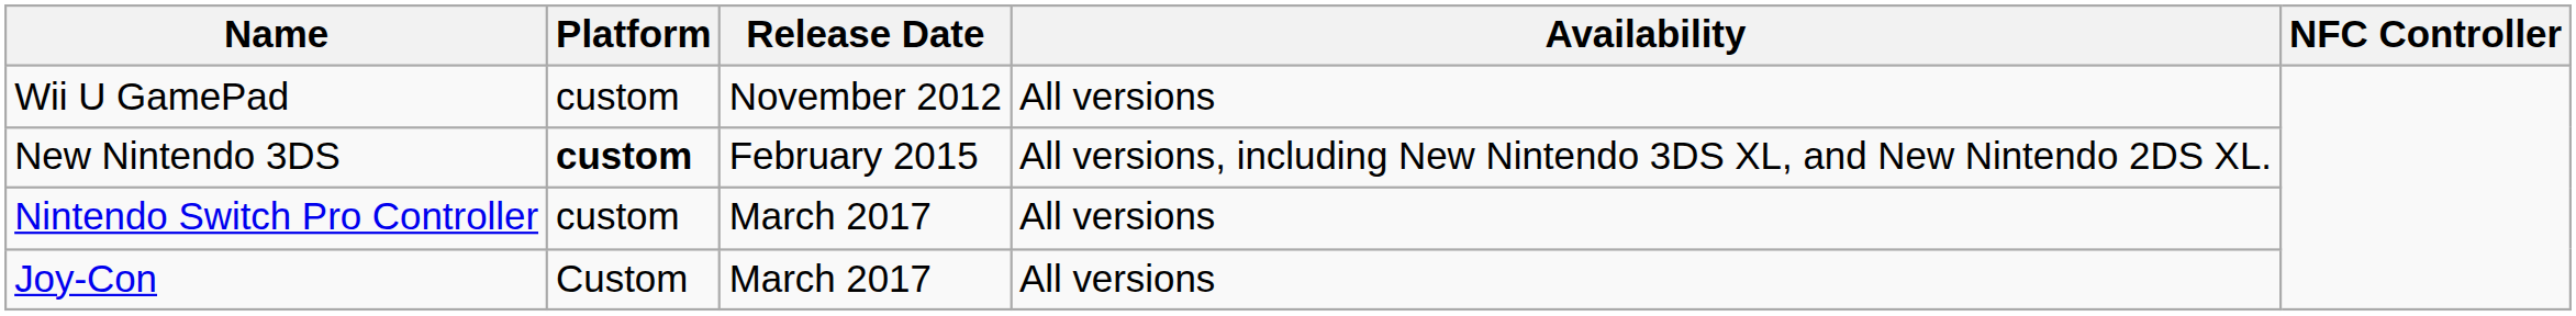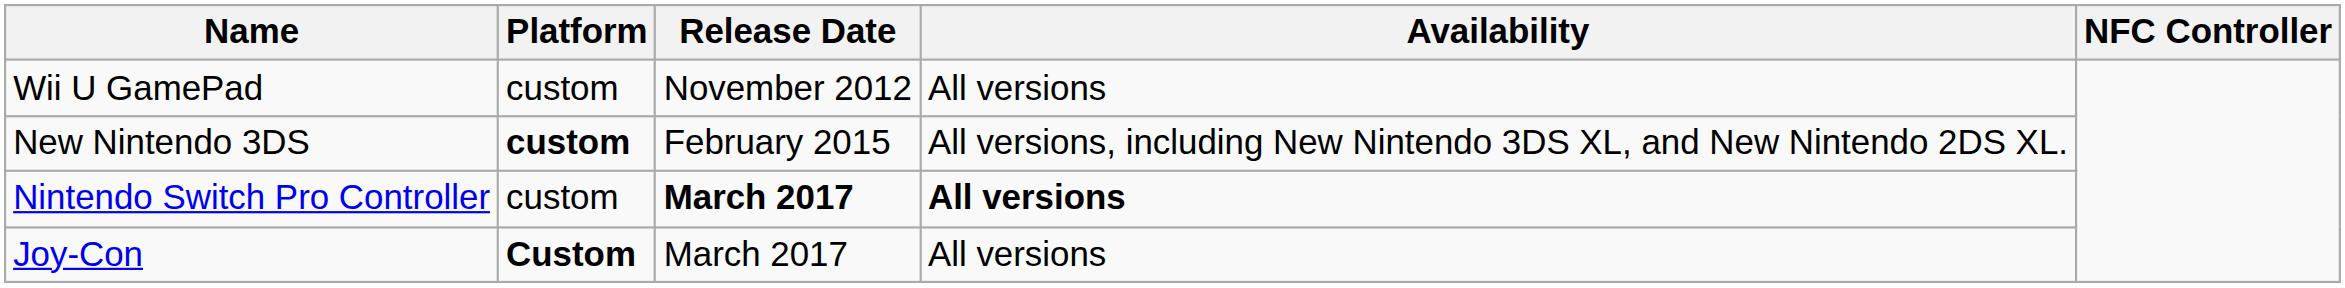 <table class="wikitable sortable">
 <tr>
 <th>Name</th>
 <th>Platform</th>
 <th>Release Date</th>
 <th>Availability</th>
 <th>NFC Controller</th>
 </tr>
 <tr>
 <td>Wii U GamePad</td>
 <td>custom</td>
 <td>November 2012</td>
 <td>All versions</td>
 </tr>
 <tr>
 <td>New Nintendo 3DS</td>
 <td><strong>custom</strong></td>
 <td>February 2015</td>
 <td>All versions, including New Nintendo 3DS XL, and New Nintendo 2DS XL.</td>
 </tr>
 <tr>
 <td><a href='#'>Nintendo Switch Pro Controller</a></td>
 <td>custom</td>
-<td>March 2017</td>
-<td>All versions</td>
+<td><strong>March 2017</strong></td>
+<td><strong>All versions</strong></td>
 </tr>
 <tr>
 <td><a href='#'>Joy-Con</a></td>
-<td>Custom</td>
+<td><strong>Custom</strong></td>
 <td>March 2017</td>
 <td>All versions</td>
 </tr>
 </table>
